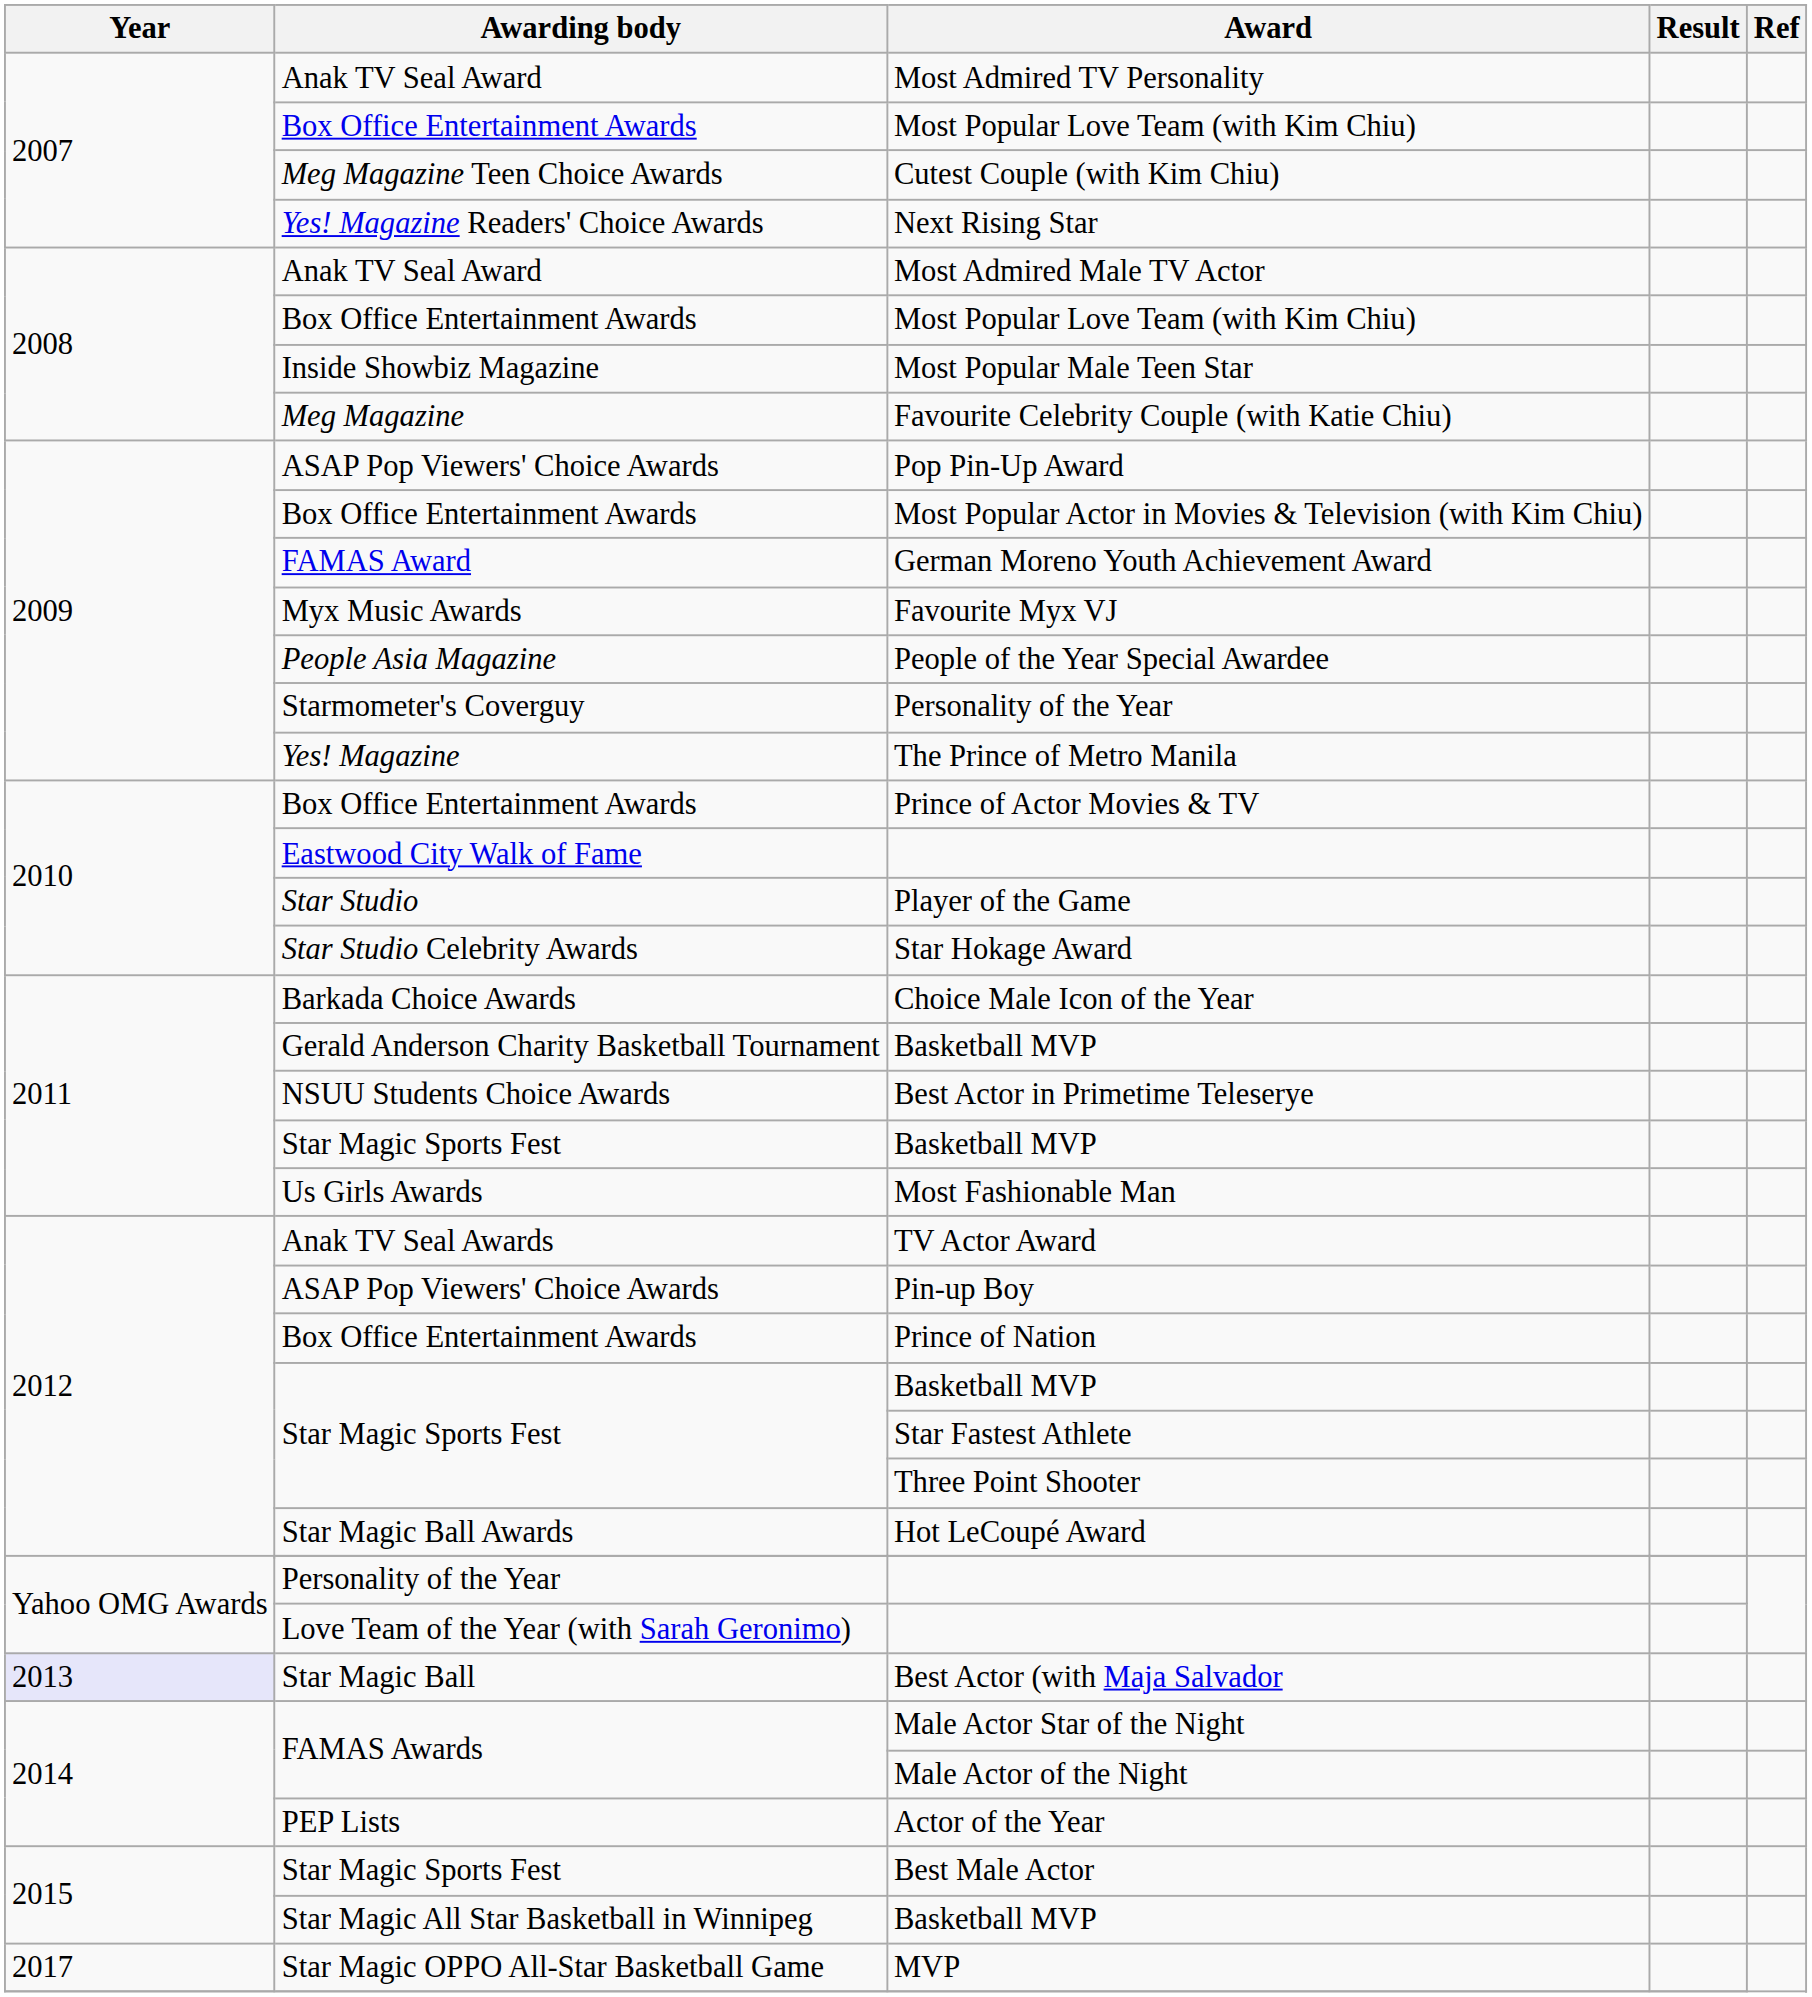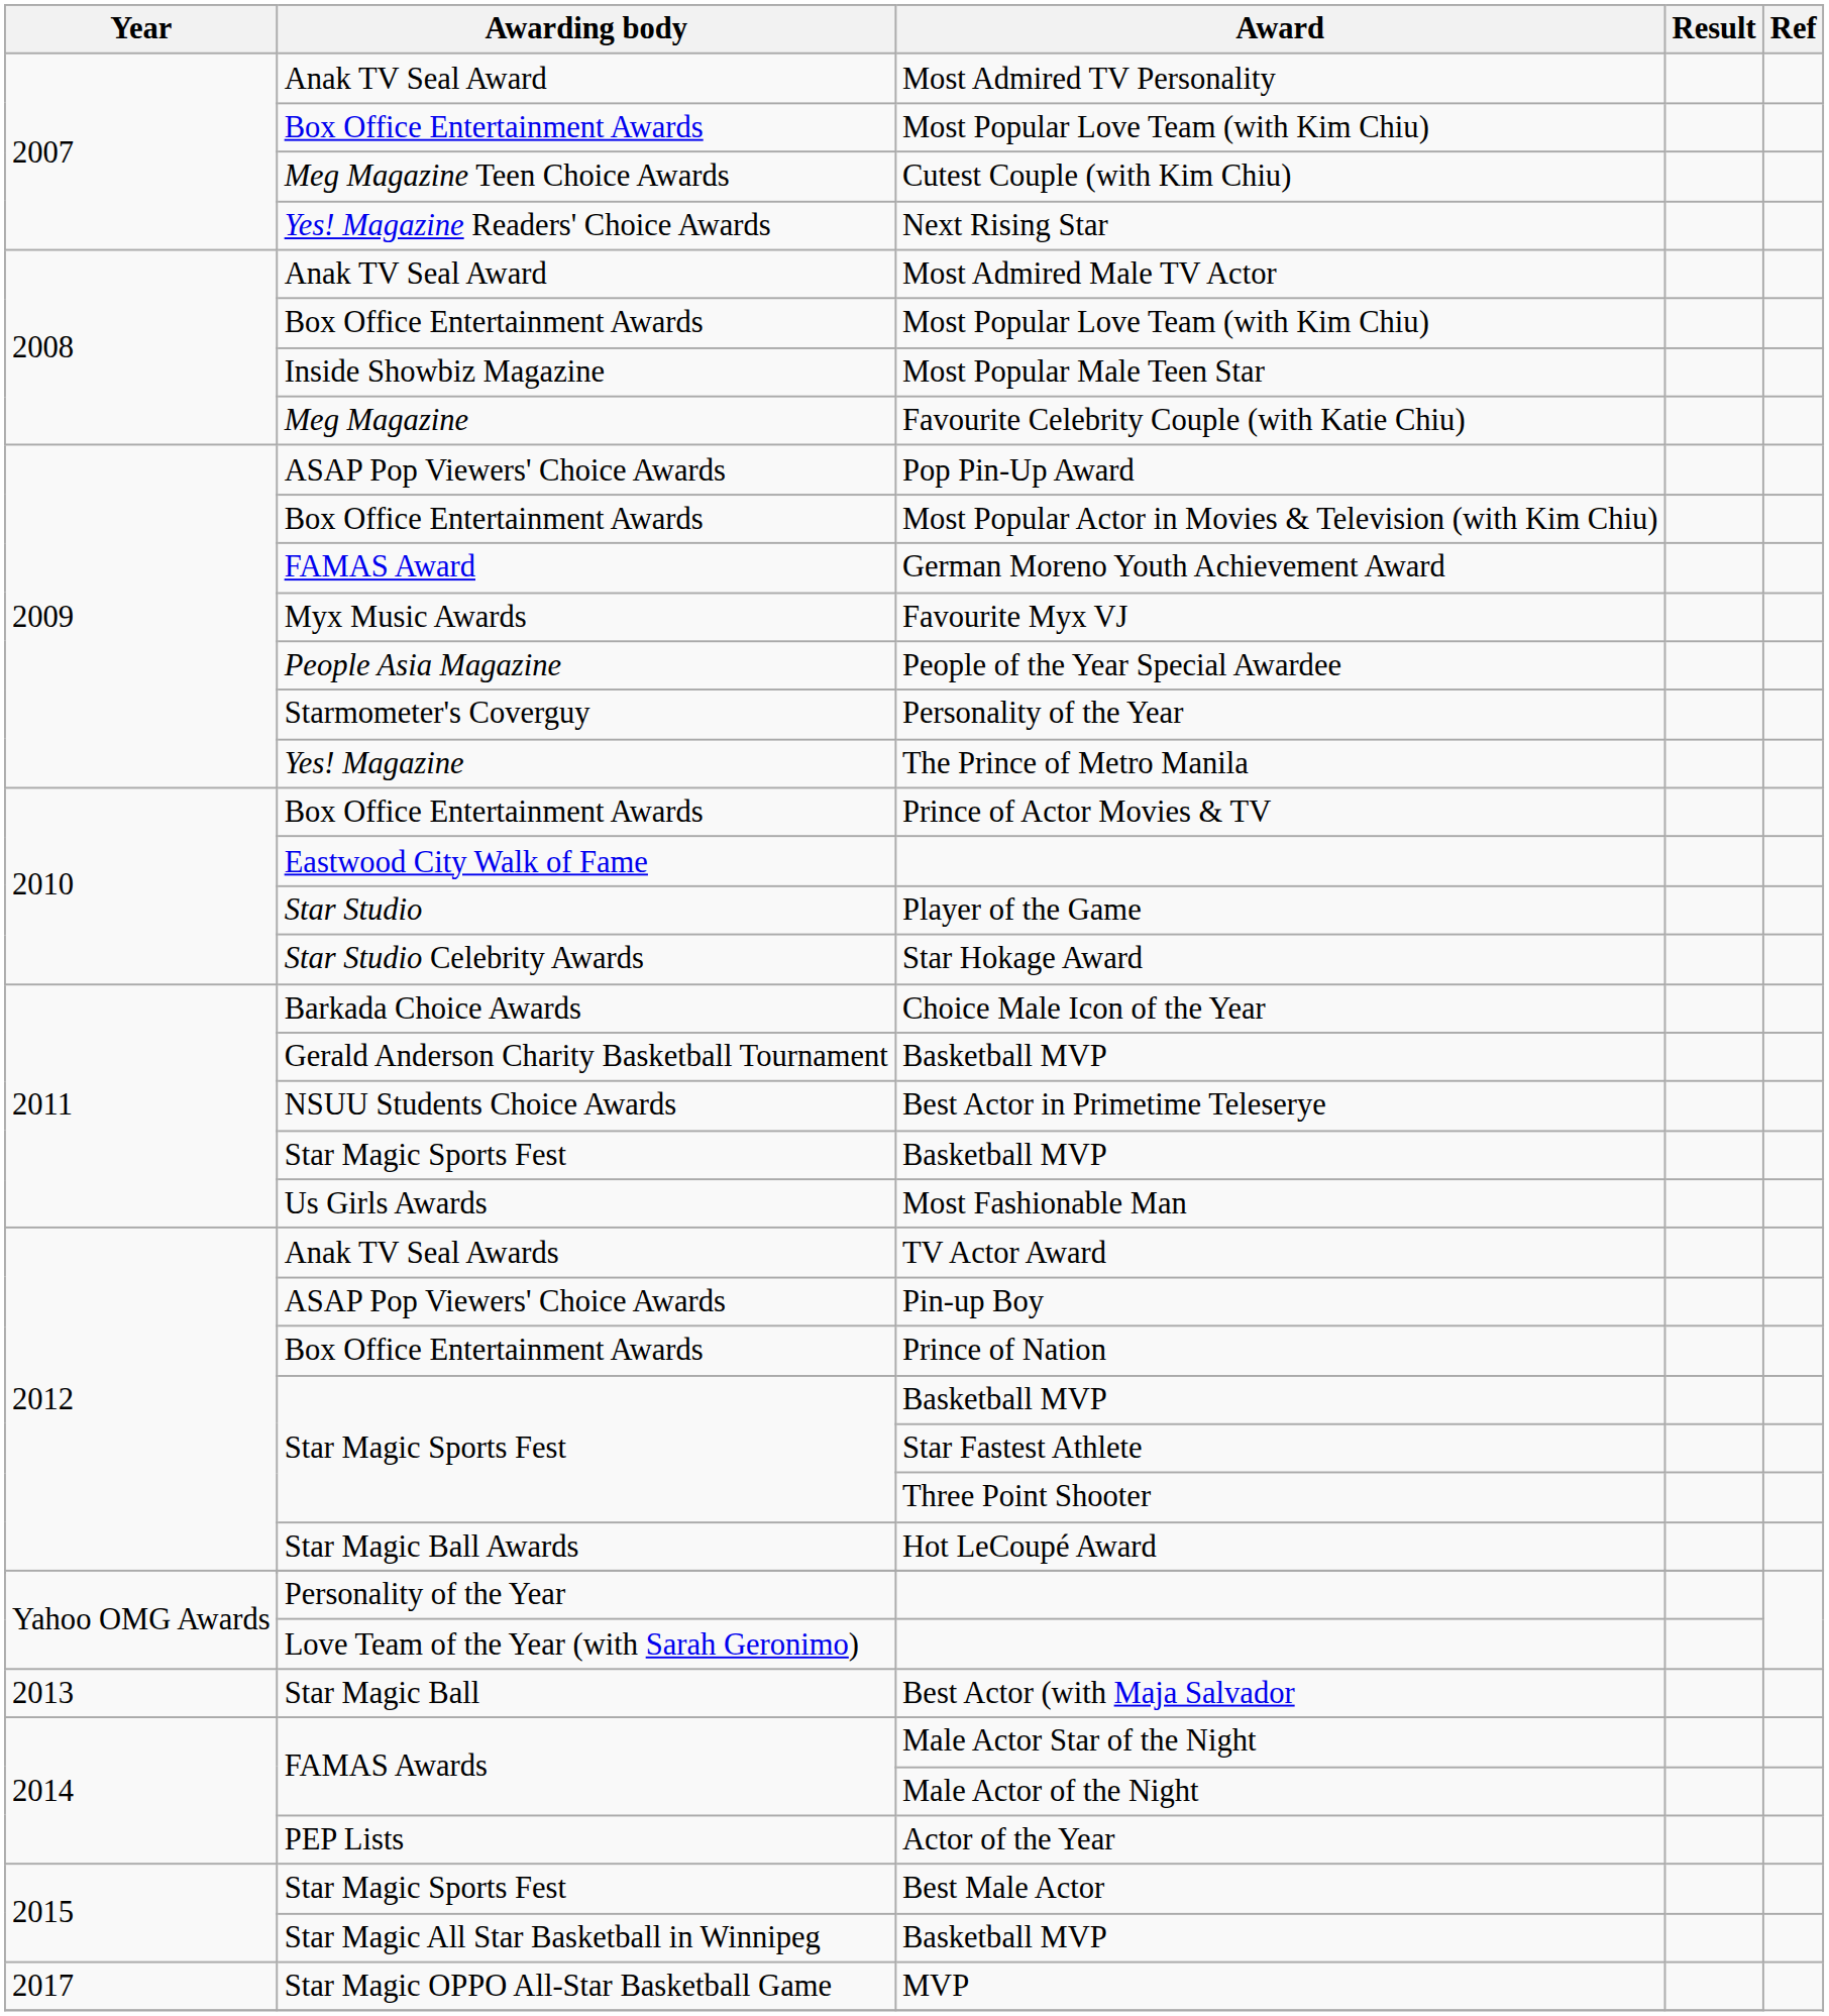 <table class="wikitable sortable">
 <tr>
 <th>Year</th>
 <th>Awarding body</th>
 <th>Award</th>
 <th>Result</th>
 <th>Ref</th>
 </tr>
 <tr>
 <td rowspan="4">2007</td>
 <td>Anak TV Seal Award</td>
 <td>Most Admired TV Personality</td>
 <td></td>
 <td></td>
 </tr>
 <tr>
 <td><a href='#'>Box Office Entertainment Awards</a></td>
 <td>Most Popular Love Team (with Kim Chiu)</td>
 <td></td>
 <td></td>
 </tr>
 <tr>
 <td><em>Meg Magazine</em> Teen Choice Awards</td>
 <td>Cutest Couple (with Kim Chiu)</td>
 <td></td>
 <td></td>
 </tr>
 <tr>
 <td><em><a href='#'>Yes! Magazine</a></em> Readers' Choice Awards</td>
 <td>Next Rising Star</td>
 <td></td>
 <td></td>
 </tr>
 <tr>
 <td rowspan="4">2008</td>
 <td>Anak TV Seal Award</td>
 <td>Most Admired Male TV Actor</td>
 <td></td>
 <td></td>
 </tr>
 <tr>
 <td>Box Office Entertainment Awards</td>
 <td>Most Popular Love Team (with Kim Chiu)</td>
 <td></td>
 <td></td>
 </tr>
 <tr>
 <td>Inside Showbiz Magazine</td>
 <td>Most Popular Male Teen Star</td>
 <td></td>
 <td></td>
 </tr>
 <tr>
 <td><em>Meg Magazine</em></td>
 <td>Favourite Celebrity Couple (with Katie Chiu)</td>
 <td></td>
 <td></td>
 </tr>
 <tr>
 <td rowspan="7">2009</td>
 <td>ASAP Pop Viewers' Choice Awards</td>
 <td>Pop Pin-Up Award</td>
 <td></td>
 <td></td>
 </tr>
 <tr>
 <td>Box Office Entertainment Awards</td>
 <td>Most Popular Actor in Movies & Television (with Kim Chiu)</td>
 <td></td>
 <td></td>
 </tr>
 <tr>
 <td><a href='#'>FAMAS Award</a></td>
 <td>German Moreno Youth Achievement Award</td>
 <td></td>
 <td></td>
 </tr>
 <tr>
 <td>Myx Music Awards</td>
 <td>Favourite Myx VJ</td>
 <td></td>
 <td></td>
 </tr>
 <tr>
 <td><em>People Asia Magazine</em></td>
 <td>People of the Year Special Awardee</td>
 <td></td>
 <td></td>
 </tr>
 <tr>
 <td>Starmometer's Coverguy</td>
 <td>Personality of the Year</td>
 <td></td>
 <td></td>
 </tr>
 <tr>
 <td><em>Yes! Magazine</em></td>
 <td>The Prince of Metro Manila</td>
 <td></td>
 <td></td>
 </tr>
 <tr>
 <td rowspan="4">2010</td>
 <td>Box Office Entertainment Awards</td>
 <td>Prince of Actor Movies & TV</td>
 <td></td>
 <td></td>
 </tr>
 <tr>
 <td><a href='#'>Eastwood City Walk of Fame</a></td>
 <td></td>
 <td></td>
 <td></td>
 </tr>
 <tr>
 <td><em>Star Studio</em></td>
 <td>Player of the Game</td>
 <td></td>
 <td></td>
 </tr>
 <tr>
 <td><em>Star Studio</em> Celebrity Awards</td>
 <td>Star Hokage Award</td>
 <td></td>
 <td></td>
 </tr>
 <tr>
 <td rowspan="5">2011</td>
 <td>Barkada Choice Awards</td>
 <td>Choice Male Icon of the Year</td>
 <td></td>
 <td></td>
 </tr>
 <tr>
 <td>Gerald Anderson Charity Basketball Tournament</td>
 <td>Basketball MVP</td>
 <td></td>
 <td></td>
 </tr>
 <tr>
 <td>NSUU Students Choice Awards</td>
 <td>Best Actor in Primetime Teleserye</td>
 <td></td>
 <td></td>
 </tr>
 <tr>
 <td>Star Magic Sports Fest</td>
 <td>Basketball MVP</td>
 <td></td>
 <td></td>
 </tr>
 <tr>
 <td>Us Girls Awards</td>
 <td>Most Fashionable Man</td>
 <td></td>
 <td></td>
 </tr>
 <tr>
 <td rowspan="9">2012</td>
 <td>Anak TV Seal Awards</td>
 <td>TV Actor Award</td>
 <td></td>
 <td></td>
 </tr>
 <tr>
 <td>ASAP Pop Viewers' Choice Awards</td>
 <td>Pin-up Boy</td>
 <td></td>
 <td></td>
 </tr>
 <tr>
 <td>Box Office Entertainment Awards</td>
 <td>Prince of Nation</td>
 <td></td>
 <td></td>
 </tr>
 <tr>
 <td rowspan="3">Star Magic Sports Fest</td>
 <td>Basketball MVP</td>
 <td></td>
 <td></td>
 </tr>
 <tr>
 <td>Star Fastest Athlete</td>
 <td></td>
 <td></td>
 </tr>
 <tr>
 <td>Three Point Shooter</td>
 <td></td>
 <td></td>
 </tr>
 <tr>
 <td>Star Magic Ball Awards</td>
 <td>Hot LeCoupé Award</td>
 <td></td>
 <td></td>
 </tr>
 <tr>
 </tr>
 <tr>
 </tr>
 <tr>
 <td rowspan="2">Yahoo OMG Awards</td>
 <td>Personality of the Year</td>
 <td></td>
 <td></td>
 </tr>
 <tr>
 <td>Love Team of the Year (with <a href='#'>Sarah Geronimo</a>)</td>
 <td></td>
 <td></td>
 </tr>
 <tr>
-<td style="background: lavender;">2013</td>
+<td>2013</td>
 <td>Star Magic Ball</td>
 <td>Best Actor (with <a href='#'>Maja Salvador</a></td>
 <td></td>
 <td></td>
 </tr>
 <tr>
 <td rowspan="3">2014</td>
 <td rowspan="2">FAMAS Awards</td>
 <td>Male Actor Star of the Night</td>
 <td></td>
 <td></td>
 </tr>
 <tr>
 <td>Male Actor of the Night</td>
 <td></td>
 <td></td>
 </tr>
 <tr>
 <td>PEP Lists</td>
 <td>Actor of the Year</td>
 <td></td>
 <td></td>
 </tr>
 <tr>
 <td rowspan="2">2015</td>
 <td>Star Magic Sports Fest</td>
 <td>Best Male Actor</td>
 <td></td>
 <td></td>
 </tr>
 <tr>
 <td>Star Magic All Star Basketball in Winnipeg</td>
 <td>Basketball MVP</td>
 <td></td>
 <td></td>
 </tr>
 <tr>
 <td>2017</td>
 <td>Star Magic OPPO All-Star Basketball Game</td>
 <td>MVP</td>
 <td></td>
 </tr>
 <tr>
 </tr>
 </table>
